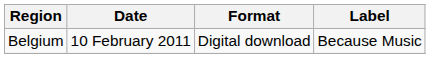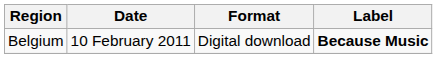 <table class=wikitable>
 <tr>
 <th>Region</th>
 <th>Date</th>
 <th>Format</th>
 <th>Label</th>
 </tr>
 <tr>
 <td>Belgium</td>
 <td>10 February 2011</td>
 <td>Digital download</td>
-<td>Because Music</td>
+<td><strong>Because Music</strong></td>
 </tr>
 <tr>
 </tr>
 </table>
